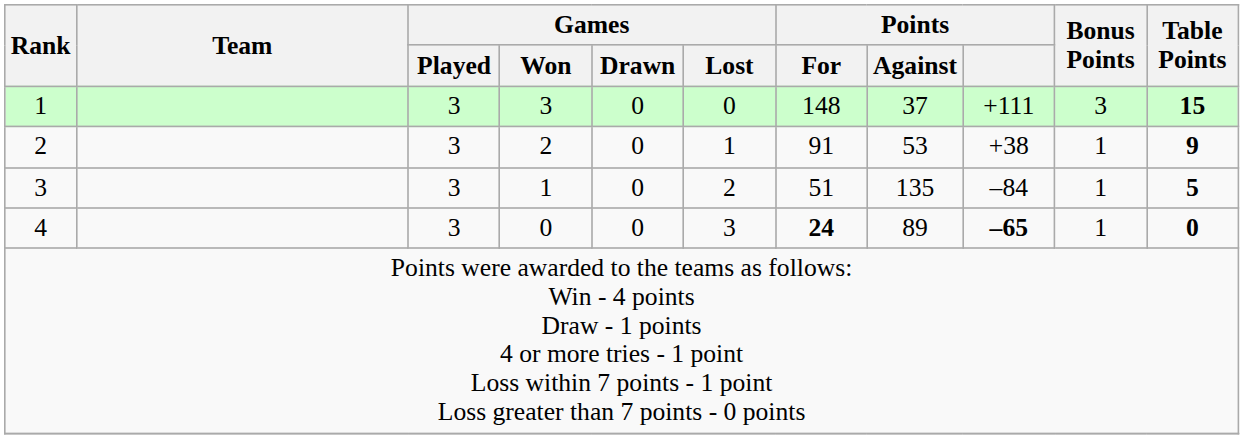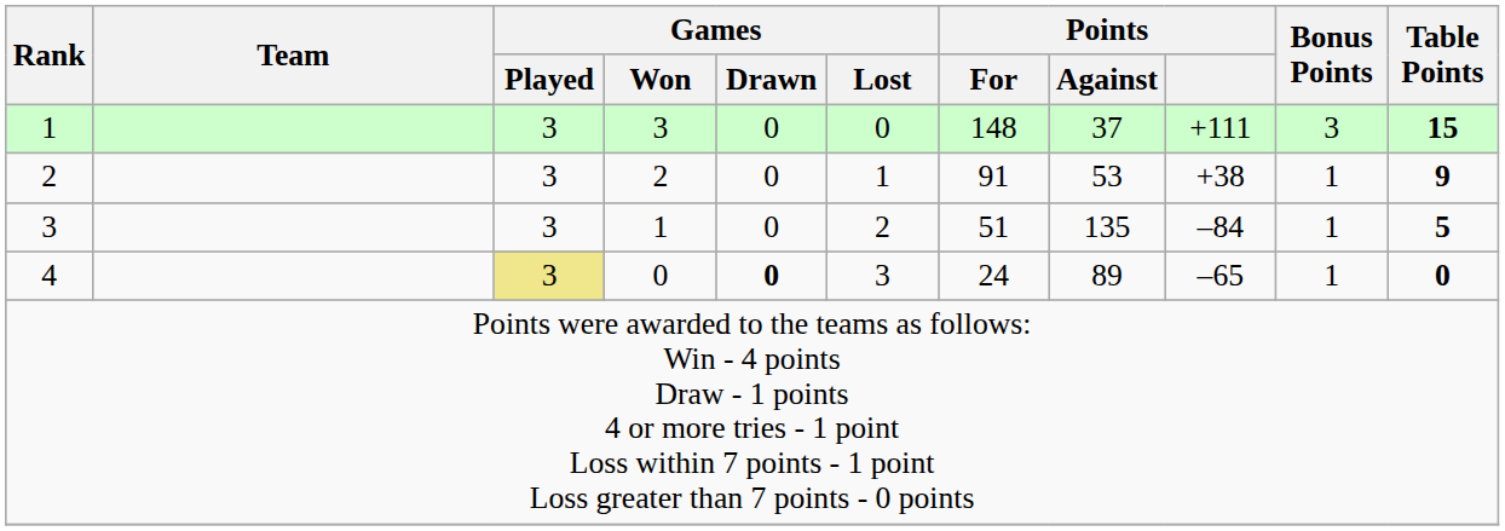 <table class="wikitable"  style="text-align: center;">
 <tr>
 <th rowspan="2" width="20">Rank</th>
 <th rowspan="2" width="200">Team</th>
 <th colspan="4">Games</th>
 <th colspan="3">Points</th>
 <th rowspan="2" width="50">Bonus<br>Points</th>
 <th rowspan="2" width="50">Table Points</th>
 </tr>
 <tr>
 <th width="50">Played</th>
 <th width="50">Won</th>
 <th width="50">Drawn</th>
 <th width="50">Lost</th>
 <th width="50">For</th>
 <th width="50">Against</th>
 <th width="50"></th>
 </tr>
 <tr bgcolor="#ccffcc">
 <td>1</td>
 <td align=left></td>
 <td>3</td>
 <td>3</td>
 <td>0</td>
 <td>0</td>
 <td>148</td>
 <td>37</td>
 <td>+111</td>
 <td>3</td>
 <td><strong>15</strong></td>
 </tr>
 <tr>
 <td>2</td>
 <td align=left></td>
 <td>3</td>
 <td>2</td>
 <td>0</td>
 <td>1</td>
 <td>91</td>
 <td>53</td>
 <td>+38</td>
 <td>1</td>
 <td><strong>9</strong></td>
 </tr>
 <tr>
 <td>3</td>
 <td align=left></td>
 <td>3</td>
 <td>1</td>
 <td>0</td>
 <td>2</td>
 <td>51</td>
 <td>135</td>
 <td>–84</td>
 <td>1</td>
 <td><strong>5</strong></td>
 </tr>
 <tr>
 <td>4</td>
 <td align=left></td>
+<td style="background: khaki;">3</td>
+<td>0</td>
+<td><strong>0</strong></td>
 <td>3</td>
-<td>0</td>
-<td>0</td>
-<td>3</td>
-<td><strong>24</strong></td>
+<td>24</td>
 <td>89</td>
-<td><strong>–65</strong></td>
+<td>–65</td>
 <td>1</td>
 <td><strong>0</strong></td>
 </tr>
 <tr>
 <td colspan="100%" style="text-align:center;">Points were awarded to the teams as follows:<br>Win - 4 points<br>Draw - 1 points<br> 4 or more tries - 1 point<br> Loss within 7 points - 1 point<br>Loss greater than 7 points - 0 points</td>
 </tr>
 <tr>
 </tr>
 </table>
